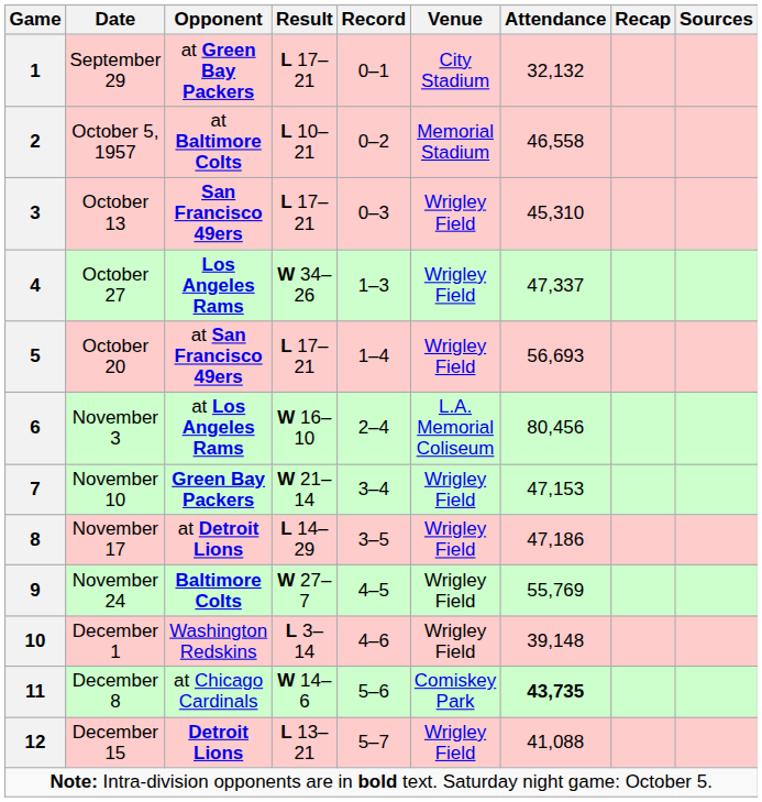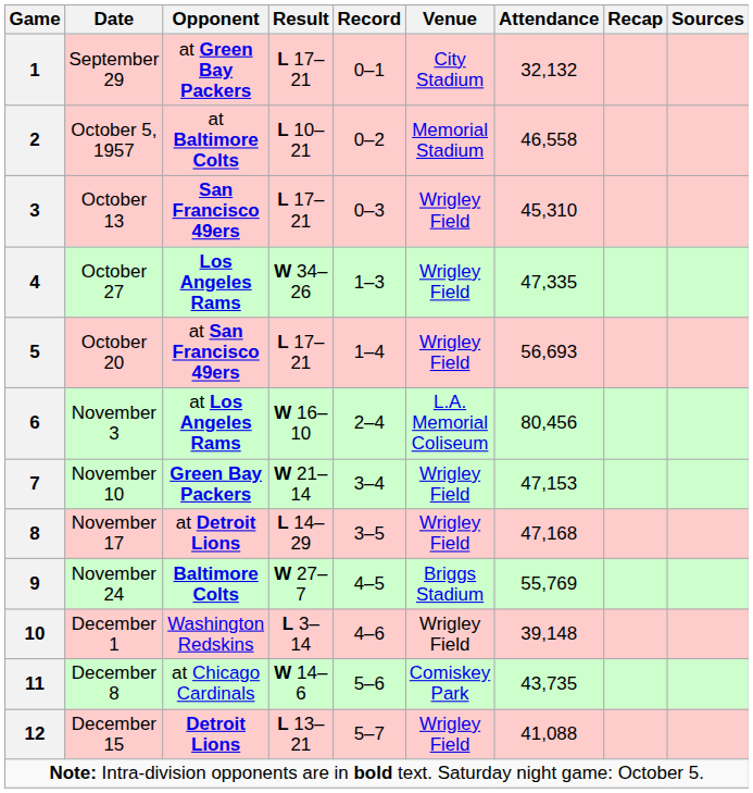 <table class="wikitable" style="text-align:center">
 <tr>
 <th>Game</th>
 <th>Date</th>
 <th>Opponent</th>
 <th>Result</th>
 <th>Record</th>
 <th>Venue</th>
 <th>Attendance</th>
 <th>Recap</th>
 <th>Sources</th>
 </tr>
 <tr style="background:#fcc">
 <th>1</th>
 <td>September 29</td>
 <td>at <strong><a href='#'>Green Bay Packers</a></strong></td>
 <td><strong>L</strong> 17–21</td>
 <td>0–1</td>
 <td><a href='#'>City Stadium</a></td>
 <td>32,132</td>
 <td></td>
 <td></td>
 </tr>
 <tr style="background:#fcc">
 <th>2</th>
 <td>October 5, 1957</td>
 <td>at <strong><a href='#'>Baltimore Colts</a></strong></td>
 <td><strong>L</strong> 10–21</td>
 <td>0–2</td>
 <td><a href='#'>Memorial Stadium</a></td>
 <td>46,558</td>
 <td></td>
 <td></td>
 </tr>
 <tr style="background:#fcc">
 <th>3</th>
 <td>October 13</td>
 <td><strong><a href='#'>San Francisco 49ers</a></strong></td>
 <td><strong>L</strong> 17–21</td>
 <td>0–3</td>
 <td><a href='#'>Wrigley Field</a></td>
 <td>45,310</td>
 <td></td>
 <td></td>
 </tr>
 <tr style="background:#cfc">
 <th>4</th>
 <td>October 27</td>
 <td><strong><a href='#'>Los Angeles Rams</a></strong></td>
 <td><strong>W</strong> 34–26</td>
 <td>1–3</td>
 <td><a href='#'>Wrigley Field</a></td>
-<td>47,337</td>
+<td>47,335</td>
 <td></td>
 <td></td>
 </tr>
 <tr style="background:#fcc">
 <th>5</th>
 <td>October 20</td>
 <td>at <strong><a href='#'>San Francisco 49ers</a></strong></td>
 <td><strong>L</strong> 17–21</td>
 <td>1–4</td>
 <td><a href='#'>Wrigley Field</a></td>
 <td>56,693</td>
 <td></td>
 <td></td>
 </tr>
 <tr style="background:#cfc">
 <th>6</th>
 <td>November 3</td>
 <td>at <strong><a href='#'>Los Angeles Rams</a></strong></td>
 <td><strong>W</strong> 16–10</td>
 <td>2–4</td>
 <td><a href='#'>L.A. Memorial Coliseum</a></td>
 <td>80,456</td>
 <td></td>
 <td></td>
 </tr>
 <tr style="background:#cfc">
 <th>7</th>
 <td>November 10</td>
 <td><strong><a href='#'>Green Bay Packers</a></strong></td>
 <td><strong>W</strong> 21–14</td>
 <td>3–4</td>
 <td><a href='#'>Wrigley Field</a></td>
 <td>47,153</td>
 <td></td>
 <td></td>
 </tr>
 <tr style="background:#fcc">
 <th>8</th>
 <td>November 17</td>
 <td>at <strong><a href='#'>Detroit Lions</a></strong></td>
 <td><strong>L</strong> 14–29</td>
 <td>3–5</td>
 <td><a href='#'>Wrigley Field</a></td>
-<td>47,186</td>
+<td>47,168</td>
 <td></td>
 <td></td>
 </tr>
 <tr style="background:#cfc">
 <th>9</th>
 <td>November 24</td>
 <td><strong><a href='#'>Baltimore Colts</a></strong></td>
 <td><strong>W</strong> 27–7</td>
 <td>4–5</td>
-<td>Wrigley Field</td>
+<td><a href='#'>Briggs Stadium</a></td>
 <td>55,769</td>
 <td></td>
 <td></td>
 </tr>
 <tr style="background:#fcc">
 <th>10</th>
 <td>December 1</td>
 <td><a href='#'>Washington Redskins</a></td>
 <td><strong>L</strong> 3–14</td>
 <td>4–6</td>
 <td>Wrigley Field</td>
 <td>39,148</td>
 <td></td>
 <td></td>
 </tr>
 <tr style="background:#cfc">
 <th>11</th>
 <td>December 8</td>
 <td>at <a href='#'>Chicago Cardinals</a></td>
 <td><strong>W</strong> 14–6</td>
 <td>5–6</td>
 <td><a href='#'>Comiskey Park</a></td>
-<td><strong>43,735</strong></td>
+<td>43,735</td>
 <td></td>
 <td></td>
 </tr>
 <tr style="background:#fcc">
 <th>12</th>
 <td>December 15</td>
 <td><strong><a href='#'>Detroit Lions</a></strong></td>
 <td><strong>L</strong> 13–21</td>
 <td>5–7</td>
 <td><a href='#'>Wrigley Field</a></td>
 <td>41,088</td>
 <td></td>
 <td></td>
 </tr>
 <tr>
 <td colspan="10"><strong>Note:</strong> Intra-division opponents are in <strong>bold</strong> text. Saturday night game: October 5.</td>
 </tr>
 </table>
